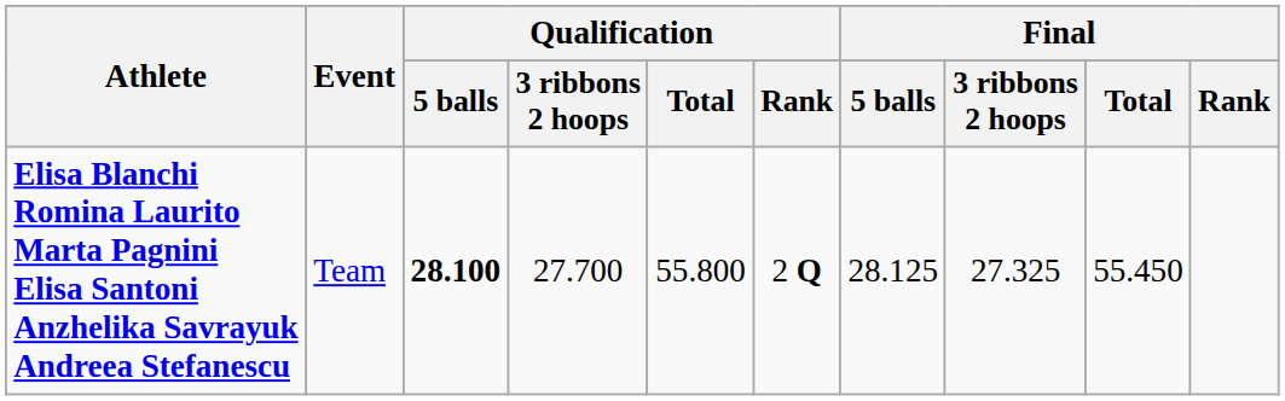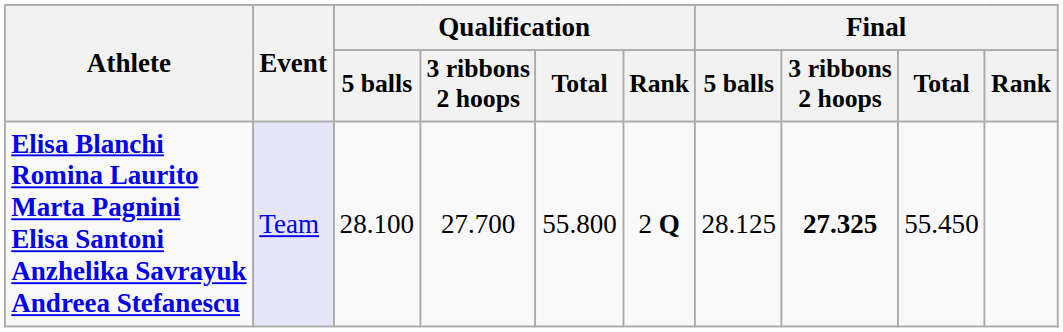 <table class="wikitable" style="font-size:90%">
 <tr>
 <th rowspan="2">Athlete</th>
 <th rowspan="2">Event</th>
 <th colspan="4">Qualification</th>
 <th colspan="4">Final</th>
 </tr>
 <tr style="font-size:95%">
 <th>5 balls</th>
 <th>3 ribbons<br>2 hoops</th>
 <th>Total</th>
 <th>Rank</th>
 <th>5 balls</th>
 <th>3 ribbons <br>2 hoops</th>
 <th>Total</th>
 <th>Rank</th>
 </tr>
 <tr align=center>
 <td align=left><strong><a href='#'>Elisa Blanchi</a><br><a href='#'>Romina Laurito</a><br><a href='#'>Marta Pagnini</a><br><a href='#'>Elisa Santoni</a><br><a href='#'>Anzhelika Savrayuk</a><br><a href='#'>Andreea Stefanescu</a></strong></td>
-<td align=left><a href='#'>Team</a></td>
-<td><strong>28.100</strong></td>
+<td align=left style="background: lavender;"><a href='#'>Team</a></td>
+<td>28.100</td>
 <td>27.700</td>
 <td>55.800</td>
 <td>2 <strong>Q</strong></td>
 <td>28.125</td>
-<td>27.325</td>
+<td><strong>27.325</strong></td>
 <td>55.450</td>
 <td></td>
 </tr>
 </table>
